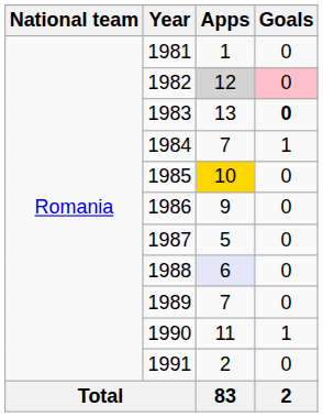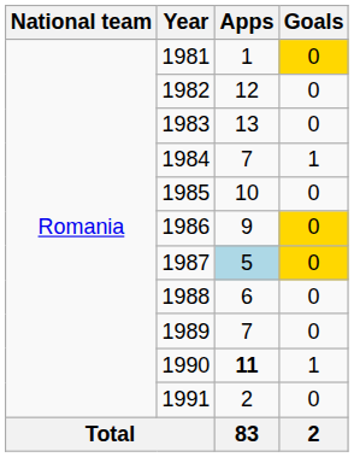 <table class="wikitable" style="text-align:center">
 <tr>
 <th>National team</th>
 <th>Year</th>
 <th>Apps</th>
 <th>Goals</th>
 </tr>
 <tr>
 <td rowspan="11"><a href='#'>Romania</a></td>
 <td>1981</td>
 <td>1</td>
-<td>0</td>
+<td style="background: gold;">0</td>
 </tr>
 <tr>
 <td>1982</td>
-<td style="background: lightgrey;">12</td>
-<td style="background: pink;">0</td>
+<td>12</td>
+<td>0</td>
 </tr>
 <tr>
 <td>1983</td>
 <td>13</td>
-<td><strong>0</strong></td>
+<td>0</td>
 </tr>
 <tr>
 <td>1984</td>
 <td>7</td>
 <td>1</td>
 </tr>
 <tr>
 <td>1985</td>
-<td style="background: gold;">10</td>
+<td>10</td>
 <td>0</td>
 </tr>
 <tr>
 <td>1986</td>
 <td>9</td>
-<td>0</td>
+<td style="background: gold;">0</td>
 </tr>
 <tr>
 <td>1987</td>
-<td>5</td>
-<td>0</td>
+<td style="background: lightblue;">5</td>
+<td style="background: gold;">0</td>
 </tr>
 <tr>
 <td>1988</td>
-<td style="background: lavender;">6</td>
+<td>6</td>
 <td>0</td>
 </tr>
 <tr>
 <td>1989</td>
 <td>7</td>
 <td>0</td>
 </tr>
 <tr>
 <td>1990</td>
-<td>11</td>
+<td><strong>11</strong></td>
 <td>1</td>
 </tr>
 <tr>
 <td>1991</td>
 <td>2</td>
 <td>0</td>
 </tr>
 <tr>
 <th colspan="2">Total</th>
 <th>83</th>
 <th>2</th>
 </tr>
 </table>
